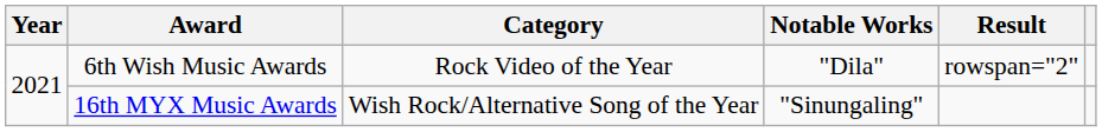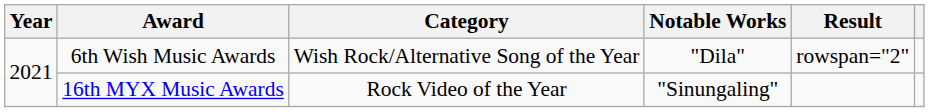 <table class="wikitable">
 <tr>
 <th>Year</th>
 <th>Award</th>
 <th>Category</th>
 <th>Notable Works</th>
 <th>Result</th>
 <th class="unsortable"></th>
 </tr>
 <tr>
 <td style="text-align:center;" rowspan="2">2021</td>
 <td style="text-align:center;">6th Wish Music Awards</td>
-<td style="text-align:center;">Rock Video of the Year</td>
+<td style="text-align:center;">Wish Rock/Alternative Song of the Year</td>
 <td style="text-align:center;">"Dila"</td>
 <td>rowspan="2"</td>
 <td style="text-align:center;"></td>
 </tr>
 <tr>
 <td style="text-align:center;"><a href='#'>16th MYX Music Awards</a></td>
-<td style="text-align:center;">Wish Rock/Alternative Song of the Year</td>
+<td style="text-align:center;">Rock Video of the Year</td>
 <td style="text-align:center;">"Sinungaling"</td>
 <td></td>
 </tr>
 </table>
